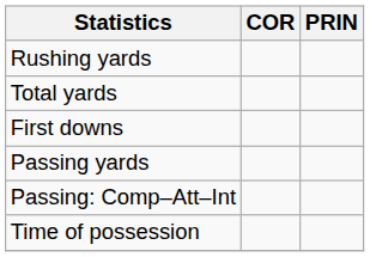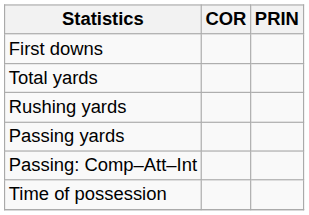 <table class="wikitable" style="float: left;">
 <tr>
 <th>Statistics</th>
 <th>COR</th>
 <th>PRIN</th>
 </tr>
 <tr>
-<td>Rushing yards</td>
+<td>First downs</td>
 <td></td>
 <td></td>
 </tr>
 <tr>
 <td>Total yards</td>
 <td></td>
 <td></td>
 </tr>
 <tr>
-<td>First downs</td>
+<td>Rushing yards</td>
 <td></td>
 <td></td>
 </tr>
 <tr>
 <td>Passing yards</td>
 <td></td>
 <td></td>
 </tr>
 <tr>
 <td>Passing: Comp–Att–Int</td>
 <td></td>
 <td></td>
 </tr>
 <tr>
 <td>Time of possession</td>
 <td></td>
 <td></td>
 </tr>
 <tr>
 </tr>
 </table>
